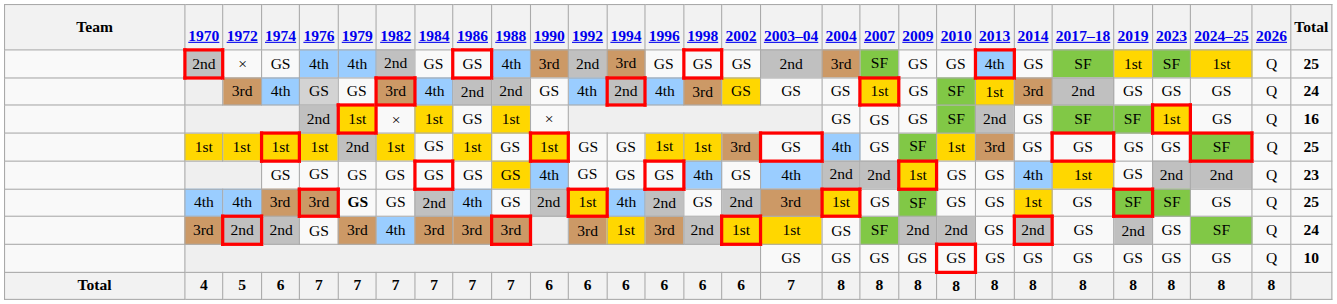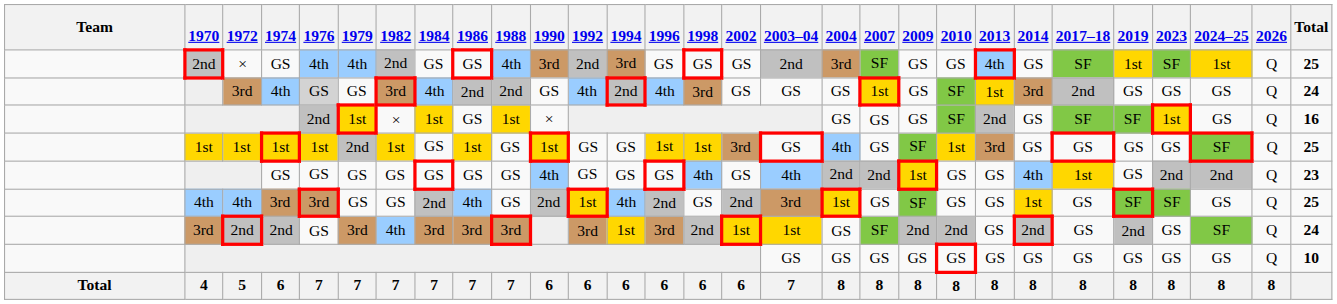 <table class="wikitable" style="text-align:center; font-size:90%">
 <tr>
 <th width=160>Team</th>
 <th> <br><a href='#'>1970</a></th>
 <th><br><a href='#'>1972</a></th>
 <th><br><a href='#'>1974</a></th>
 <th><br><a href='#'>1976</a></th>
 <th><br><a href='#'>1979</a></th>
 <th><br><a href='#'>1982</a></th>
 <th><br><a href='#'>1984</a></th>
 <th><br><a href='#'>1986</a></th>
 <th><br><a href='#'>1988</a></th>
 <th><br><a href='#'>1990</a></th>
 <th><br><a href='#'>1992</a></th>
 <th><br><a href='#'>1994</a></th>
 <th><br><a href='#'>1996</a></th>
 <th><br><a href='#'>1998</a></th>
 <th><br><a href='#'>2002</a></th>
 <th><br><a href='#'>2003–04</a></th>
 <th><br><a href='#'>2004</a></th>
 <th><br><a href='#'>2007</a></th>
 <th><br><a href='#'>2009</a></th>
 <th><br><a href='#'>2010</a></th>
 <th><br><a href='#'>2013</a></th>
 <th><br><a href='#'>2014</a></th>
 <th><br><a href='#'>2017–18</a></th>
 <th><br><a href='#'>2019</a></th>
 <th><br><a href='#'>2023</a></th>
 <th><br><a href='#'>2024–25</a></th>
 <th><br><a href='#'>2026</a></th>
 <th>Total</th>
 </tr>
 <tr>
 <td align=left></td>
 <td style="border:3px solid red;" bgcolor=silver>2nd</td>
 <td>×</td>
 <td>GS</td>
 <td bgcolor=#9acdff>4th</td>
 <td bgcolor=#9acdff>4th</td>
 <td bgcolor=silver>2nd</td>
 <td>GS</td>
 <td style="border:3px solid red;">GS</td>
 <td bgcolor=#9acdff>4th</td>
 <td bgcolor=#cc9966>3rd</td>
 <td bgcolor=silver>2nd</td>
 <td bgcolor=#cc9966>3rd</td>
 <td>GS</td>
 <td style="border:3px solid red;">GS</td>
 <td>GS</td>
 <td bgcolor=silver>2nd</td>
 <td bgcolor=#cc9966>3rd</td>
 <td bgcolor=#81c846>SF</td>
 <td>GS</td>
 <td>GS</td>
 <td style="border:3px solid red;" bgcolor=#9acdff>4th</td>
 <td>GS</td>
 <td bgcolor=#81c846>SF</td>
 <td bgcolor=gold>1st</td>
 <td bgcolor=#81c846>SF</td>
 <td bgcolor=gold>1st</td>
 <td>Q</td>
 <td><strong>25</strong></td>
 </tr>
 <tr>
 <td align=left></td>
 <td colspan=1 bgcolor="#efefef"></td>
 <td bgcolor=#cc9966>3rd</td>
 <td bgcolor=#9acdff>4th</td>
 <td style="background: lightgrey;">GS</td>
 <td>GS</td>
 <td style="border:3px solid red;" bgcolor=#cc9966>3rd</td>
 <td bgcolor=#9acdff>4th</td>
 <td bgcolor=silver>2nd</td>
 <td bgcolor=silver>2nd</td>
 <td>GS</td>
 <td bgcolor=#9acdff>4th</td>
 <td style="border:3px solid red;" bgcolor=silver>2nd</td>
 <td bgcolor=#9acdff>4th</td>
 <td bgcolor=#cc9966>3rd</td>
-<td style="background: gold;">GS</td>
+<td>GS</td>
 <td>GS</td>
 <td>GS</td>
 <td style="border:3px solid red;" bgcolor=gold>1st</td>
 <td>GS</td>
 <td bgcolor=#81c846>SF</td>
 <td bgcolor=gold>1st</td>
 <td bgcolor=#cc9966>3rd</td>
 <td bgcolor=silver>2nd</td>
 <td>GS</td>
 <td>GS</td>
 <td>GS</td>
 <td>Q</td>
 <td><strong>24</strong></td>
 </tr>
 <tr>
 <td align=left></td>
 <td colspan=3 bgcolor="#efefef"></td>
 <td bgcolor=silver>2nd</td>
 <td style="border:3px solid red;" bgcolor=gold>1st</td>
 <td>×</td>
 <td bgcolor=gold>1st</td>
 <td>GS</td>
 <td bgcolor=gold>1st</td>
 <td>×</td>
 <td colspan=6 bgcolor="#efefef"></td>
 <td>GS</td>
 <td>GS</td>
 <td>GS</td>
 <td bgcolor=#81c846>SF</td>
 <td bgcolor=silver>2nd</td>
 <td>GS</td>
 <td bgcolor=#81c846>SF</td>
 <td bgcolor=#81c846>SF</td>
 <td style="border:3px solid red;" bgcolor=gold>1st</td>
 <td>GS</td>
 <td>Q</td>
 <td><strong>16</strong></td>
 </tr>
 <tr>
 <td align=left></td>
 <td bgcolor=gold>1st</td>
 <td bgcolor=gold>1st</td>
 <td style="border:3px solid red;" bgcolor=gold>1st</td>
 <td bgcolor=gold>1st</td>
 <td bgcolor=silver>2nd</td>
 <td bgcolor=gold>1st</td>
 <td>GS</td>
 <td bgcolor=gold>1st</td>
 <td>GS</td>
 <td style="border:3px solid red;" bgcolor=gold>1st</td>
 <td>GS</td>
 <td>GS</td>
 <td bgcolor=gold>1st</td>
 <td bgcolor=gold>1st</td>
 <td bgcolor=#cc9966>3rd</td>
 <td style="border:3px solid red;">GS</td>
 <td bgcolor=#9acdff>4th</td>
 <td>GS</td>
 <td bgcolor=#81c846>SF</td>
 <td bgcolor=gold>1st</td>
 <td bgcolor=#cc9966>3rd</td>
 <td>GS</td>
 <td style="border:3px solid red;">GS</td>
 <td>GS</td>
 <td>GS</td>
 <td style="border:3px solid red;"bgcolor=#81c846>SF</td>
 <td>Q</td>
 <td><strong>25</strong></td>
 </tr>
 <tr>
 <td align=left></td>
 <td colspan=2 bgcolor="#efefef"></td>
 <td>GS</td>
 <td>GS</td>
 <td>GS</td>
 <td>GS</td>
 <td style="border:3px solid red;">GS</td>
 <td>GS</td>
-<td style="background: gold;">GS</td>
+<td>GS</td>
 <td bgcolor=#9acdff>4th</td>
 <td>GS</td>
 <td>GS</td>
 <td style="border:3px solid red;">GS</td>
 <td bgcolor=#9acdff>4th</td>
 <td>GS</td>
 <td bgcolor=#9acdff>4th</td>
 <td bgcolor=silver>2nd</td>
 <td bgcolor=silver>2nd</td>
 <td style="border:3px solid red;" bgcolor=gold>1st</td>
 <td>GS</td>
 <td>GS</td>
 <td bgcolor=#9acdff>4th</td>
 <td bgcolor=gold>1st</td>
 <td>GS</td>
 <td bgcolor=silver>2nd</td>
 <td bgcolor=silver>2nd</td>
 <td>Q</td>
 <td><strong>23</strong></td>
 </tr>
 <tr>
 <td align=left></td>
 <td bgcolor=#9acdff>4th</td>
 <td bgcolor=#9acdff>4th</td>
 <td bgcolor=#cc9966>3rd</td>
 <td style="border:3px solid red;" bgcolor=#cc9966>3rd</td>
-<td><strong>GS</strong></td>
+<td>GS</td>
 <td>GS</td>
 <td bgcolor=silver>2nd</td>
 <td bgcolor=#9acdff>4th</td>
 <td>GS</td>
 <td bgcolor=silver>2nd</td>
 <td style="border:3px solid red;" bgcolor=gold>1st</td>
 <td bgcolor=#9acdff>4th</td>
 <td bgcolor=silver>2nd</td>
 <td>GS</td>
 <td bgcolor=silver>2nd</td>
 <td bgcolor=#cc9966>3rd</td>
 <td style="border:3px solid red;" bgcolor=gold>1st</td>
 <td>GS</td>
 <td bgcolor=#81c846>SF</td>
 <td>GS</td>
 <td>GS</td>
 <td bgcolor=gold>1st</td>
 <td>GS</td>
 <td style="border:3px solid red;" bgcolor=#81c846>SF</td>
 <td bgcolor=#81c846>SF</td>
 <td>GS</td>
 <td>Q</td>
 <td><strong>25</strong></td>
 </tr>
 <tr>
 <td align=left></td>
 <td bgcolor=#cc9966>3rd</td>
 <td style="border:3px solid red;" bgcolor=silver>2nd</td>
 <td bgcolor=silver>2nd</td>
 <td>GS</td>
 <td bgcolor=#cc9966>3rd</td>
 <td bgcolor=#9acdff>4th</td>
 <td bgcolor=#cc9966>3rd</td>
 <td bgcolor=#cc9966>3rd</td>
 <td style="border:3px solid red;" bgcolor=#cc9966>3rd</td>
 <td bgcolor="#efefef"></td>
 <td bgcolor=#cc9966>3rd</td>
 <td bgcolor=gold>1st</td>
 <td bgcolor=#cc9966>3rd</td>
 <td bgcolor=silver>2nd</td>
 <td style="border:3px solid red;" bgcolor=gold>1st</td>
 <td bgcolor=gold>1st</td>
 <td>GS</td>
 <td bgcolor=#81c846>SF</td>
 <td bgcolor=silver>2nd</td>
 <td bgcolor=silver>2nd</td>
 <td>GS</td>
 <td style="border:3px solid red;" bgcolor=silver>2nd</td>
 <td>GS</td>
 <td bgcolor=silver>2nd</td>
 <td>GS</td>
 <td bgcolor=#81c846>SF</td>
 <td>Q</td>
 <td><strong>24</strong></td>
 </tr>
 <tr>
 <td align=left></td>
 <td colspan=15 bgcolor="#efefef"></td>
 <td>GS</td>
 <td>GS</td>
 <td>GS</td>
 <td>GS</td>
 <td style="border:3px solid red;">GS</td>
 <td>GS</td>
 <td>GS</td>
 <td>GS</td>
 <td>GS</td>
 <td>GS</td>
 <td>GS</td>
 <td>Q</td>
 <td><strong>10</strong></td>
 </tr>
 <tr>
 <th>Total</th>
 <th>4</th>
 <th>5</th>
 <th>6</th>
 <th>7</th>
 <th>7</th>
 <th>7</th>
 <th>7</th>
 <th>7</th>
 <th>7</th>
 <th>6</th>
 <th>6</th>
 <th>6</th>
 <th>6</th>
 <th>6</th>
 <th>6</th>
 <th>7</th>
 <th>8</th>
 <th>8</th>
 <th>8</th>
 <th>8</th>
 <th>8</th>
 <th>8</th>
 <th>8</th>
 <th>8</th>
 <th>8</th>
 <th>8</th>
 <th>8</th>
 <th></th>
 </tr>
 </table>
